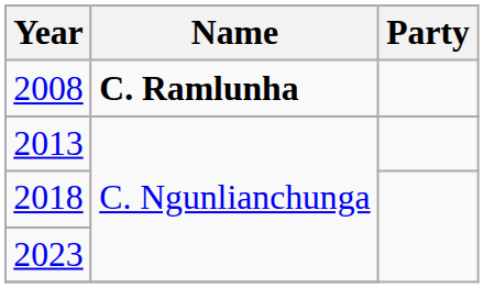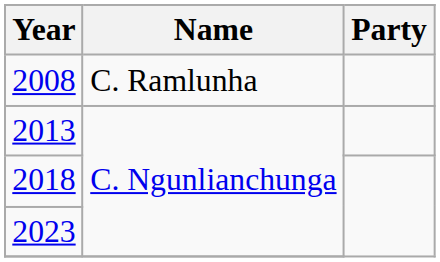 <table class="wikitable sortable">
 <tr>
 <th>Year</th>
 <th>Name</th>
 <th colspan=2>Party</th>
 </tr>
 <tr>
 <td><a href='#'>2008</a></td>
-<td><strong>C. Ramlunha</strong></td>
+<td>C. Ramlunha</td>
 <td></td>
 </tr>
 <tr>
 <td><a href='#'>2013</a></td>
 <td rowspan=3><a href='#'>C. Ngunlianchunga</a></td>
 <td></td>
 </tr>
 <tr>
 <td><a href='#'>2018</a></td>
 </tr>
 <tr>
 <td><a href='#'>2023</a></td>
 </tr>
 <tr>
 </tr>
 </table>
